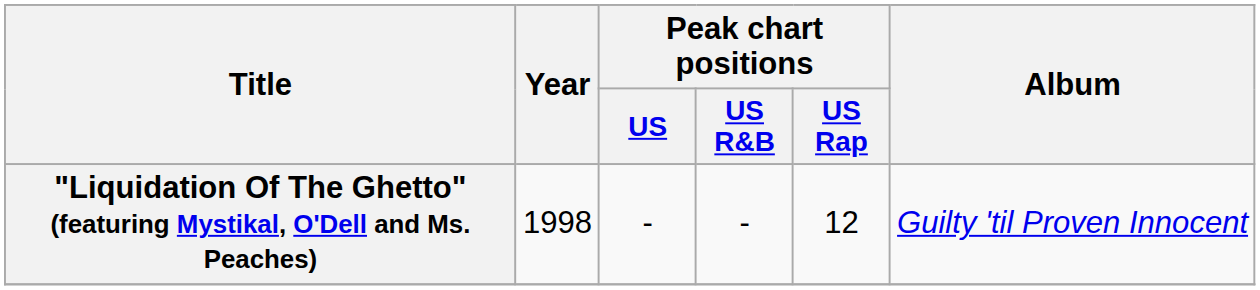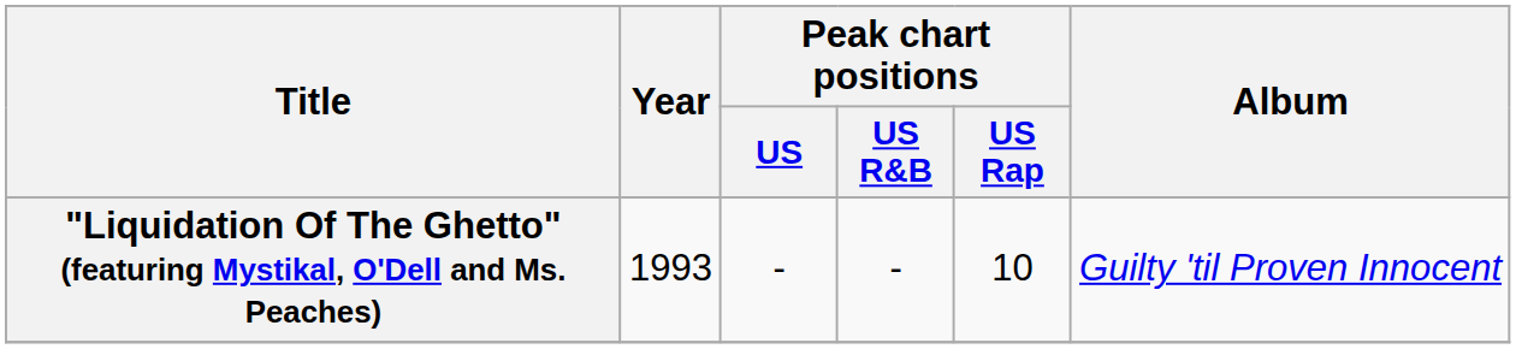 <table class="wikitable plainrowheaders" style="text-align:center;">
 <tr>
 <th scope="col" rowspan="2" style="width:16em;">Title</th>
 <th scope="col" rowspan="2">Year</th>
 <th scope="col" colspan="3">Peak chart positions</th>
 <th scope="col" rowspan="2">Album</th>
 </tr>
 <tr>
 <th style="width:3em; font-size:90%"><a href='#'>US</a></th>
 <th style="width:3em; font-size:90%"><a href='#'>US<br>R&B</a></th>
 <th style="width:3em; font-size:90%"><a href='#'>US<br>Rap</a></th>
 </tr>
 <tr>
 <th scope="row">"Liquidation Of The Ghetto"<br><small>(featuring <a href='#'>Mystikal</a>, <a href='#'>O'Dell</a> and Ms. Peaches)</small></th>
-<td>1998</td>
+<td>1993</td>
 <td>-</td>
 <td>-</td>
-<td>12</td>
+<td>10</td>
 <td><em><a href='#'>Guilty 'til Proven Innocent</a></em></td>
 </tr>
 <tr>
 </tr>
 </table>
